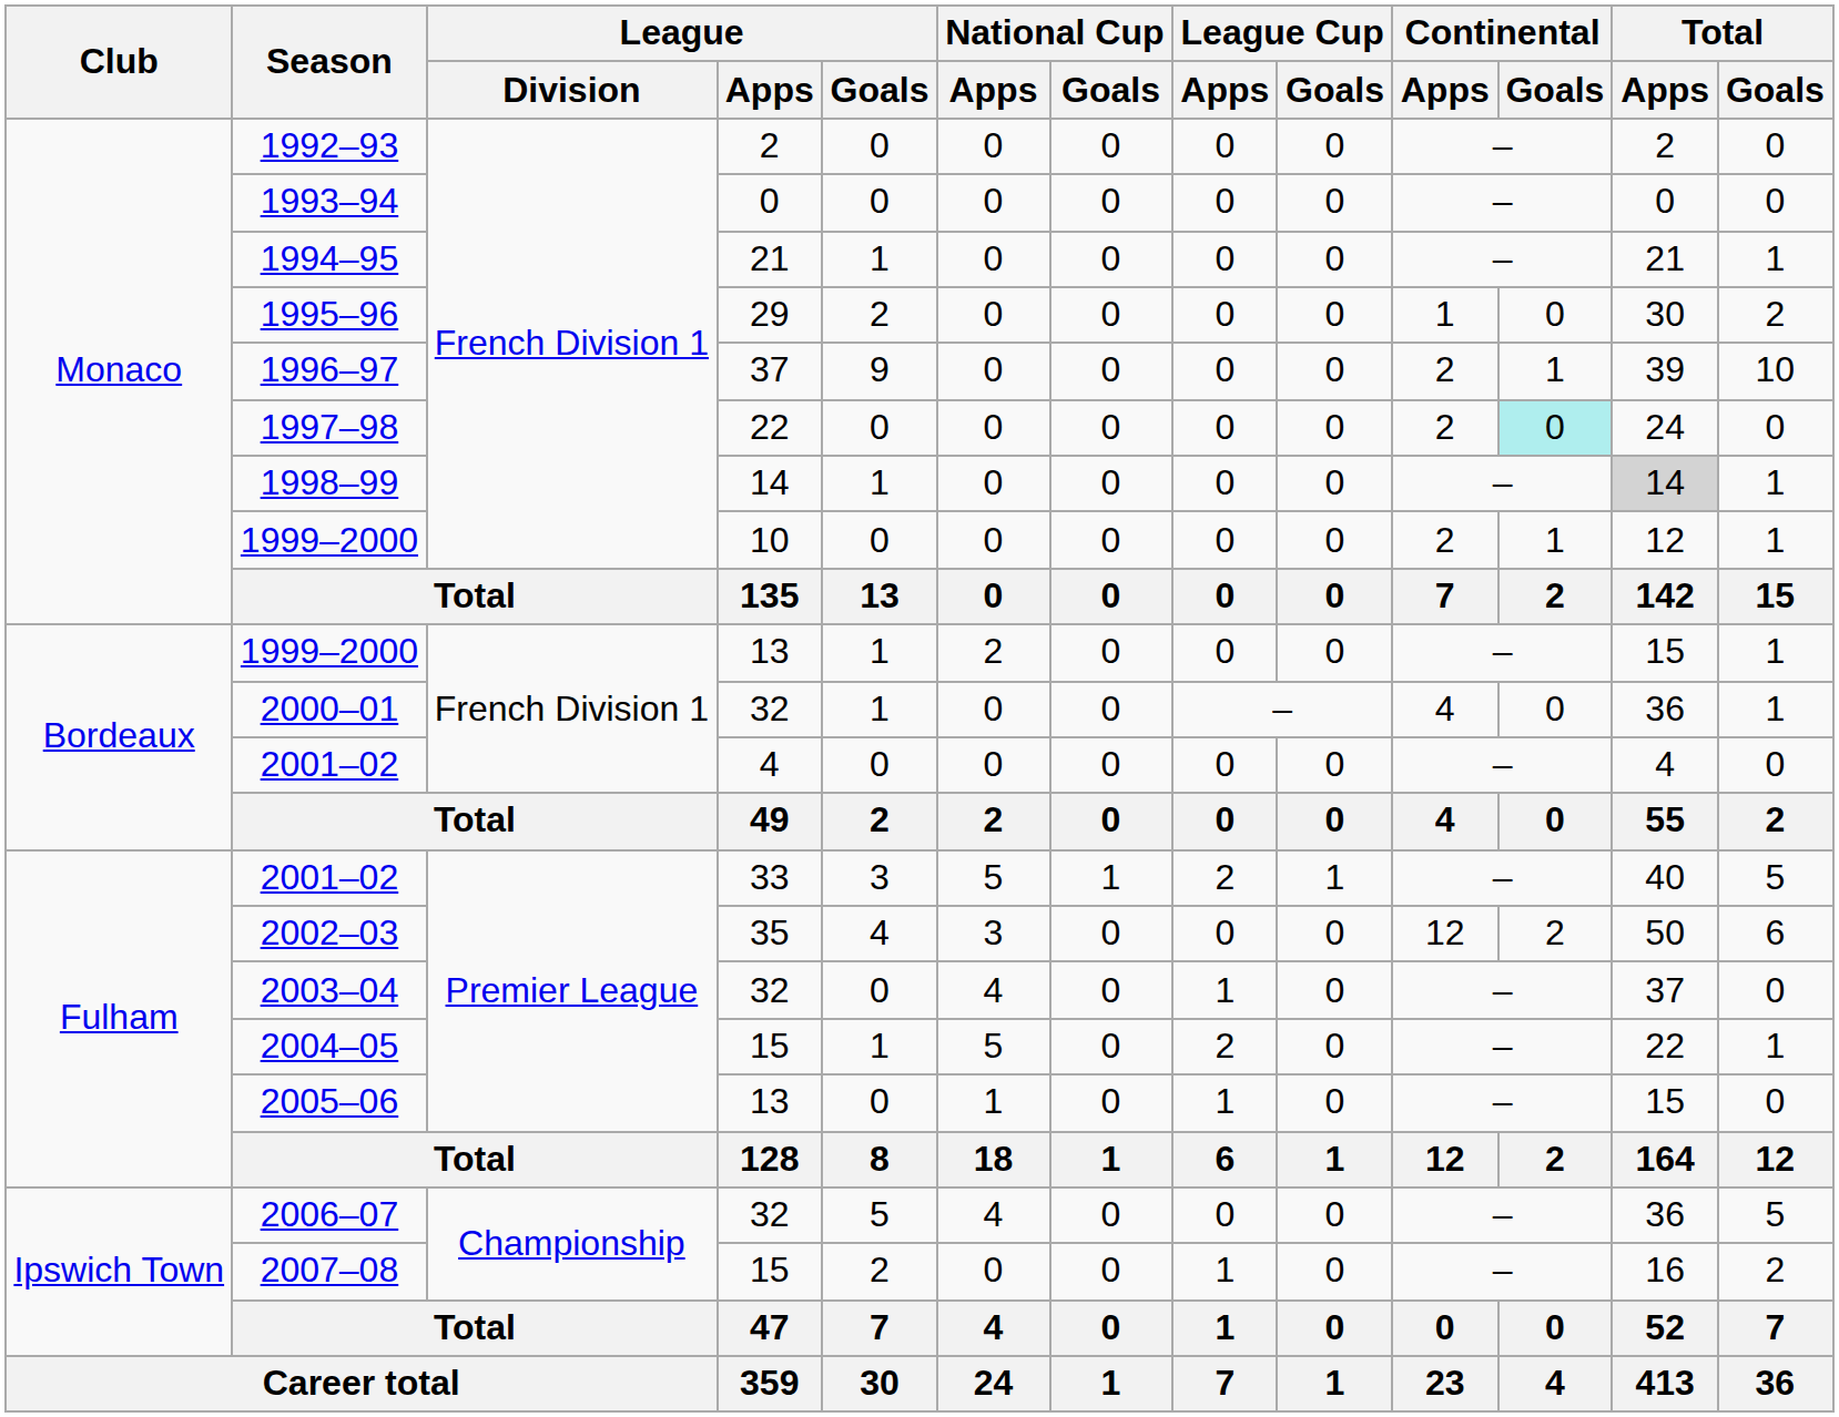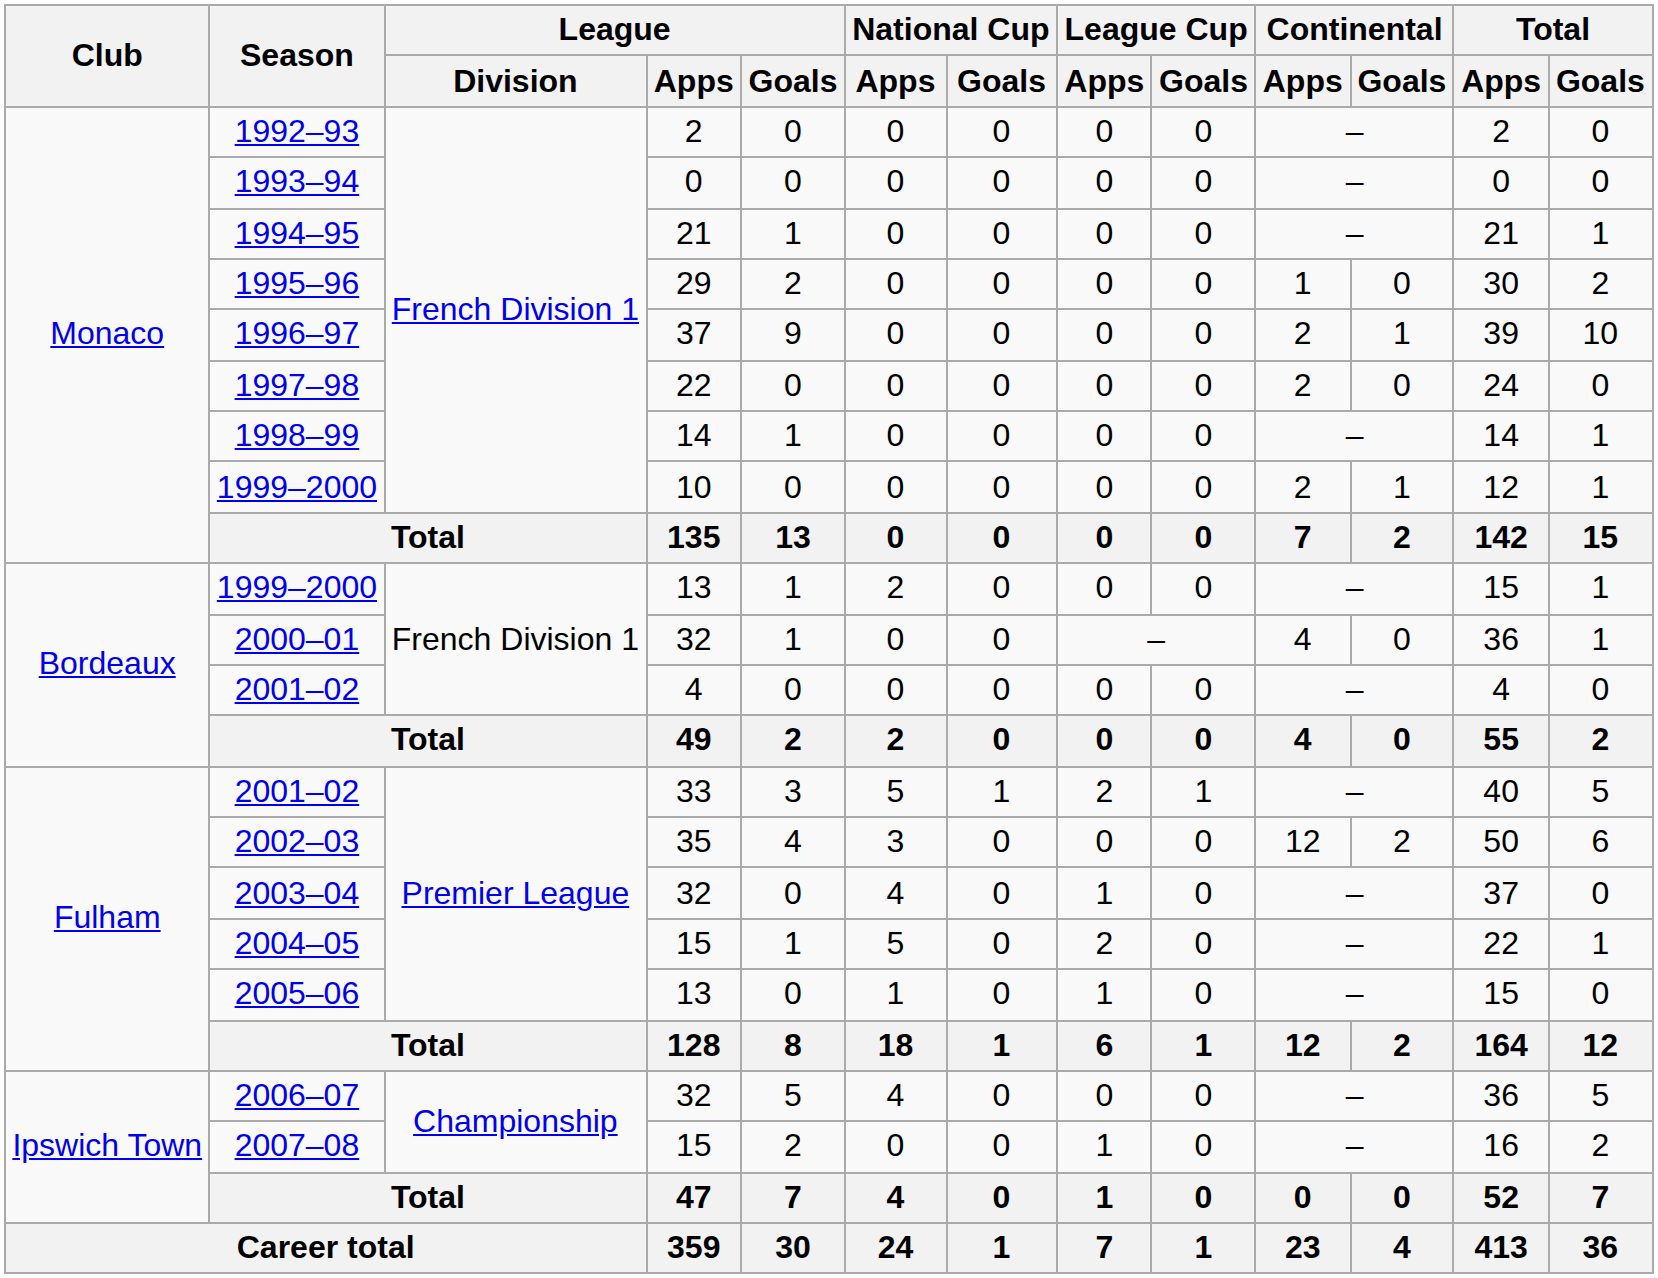 <table class="wikitable" style="text-align:center">
 <tr>
 <th rowspan="2">Club</th>
 <th rowspan="2">Season</th>
 <th colspan="3">League</th>
 <th colspan="2">National Cup</th>
 <th colspan="2">League Cup</th>
 <th colspan="2">Continental</th>
 <th colspan="2">Total</th>
 </tr>
 <tr>
 <th>Division</th>
 <th>Apps</th>
 <th>Goals</th>
 <th>Apps</th>
 <th>Goals</th>
 <th>Apps</th>
 <th>Goals</th>
 <th>Apps</th>
 <th>Goals</th>
 <th>Apps</th>
 <th>Goals</th>
 </tr>
 <tr>
 <td rowspan="9"><a href='#'>Monaco</a></td>
 <td><a href='#'>1992–93</a></td>
 <td rowspan="8"><a href='#'>French Division 1</a></td>
 <td>2</td>
 <td>0</td>
 <td>0</td>
 <td>0</td>
 <td>0</td>
 <td>0</td>
 <td colspan="2">–</td>
 <td>2</td>
 <td>0</td>
 </tr>
 <tr>
 <td><a href='#'>1993–94</a></td>
 <td>0</td>
 <td>0</td>
 <td>0</td>
 <td>0</td>
 <td>0</td>
 <td>0</td>
 <td colspan="2">–</td>
 <td>0</td>
 <td>0</td>
 </tr>
 <tr>
 <td><a href='#'>1994–95</a></td>
 <td>21</td>
 <td>1</td>
 <td>0</td>
 <td>0</td>
 <td>0</td>
 <td>0</td>
 <td colspan="2">–</td>
 <td>21</td>
 <td>1</td>
 </tr>
 <tr>
 <td><a href='#'>1995–96</a></td>
 <td>29</td>
 <td>2</td>
 <td>0</td>
 <td>0</td>
 <td>0</td>
 <td>0</td>
 <td>1</td>
 <td>0</td>
 <td>30</td>
 <td>2</td>
 </tr>
 <tr>
 <td><a href='#'>1996–97</a></td>
 <td>37</td>
 <td>9</td>
 <td>0</td>
 <td>0</td>
 <td>0</td>
 <td>0</td>
 <td>2</td>
 <td>1</td>
 <td>39</td>
 <td>10</td>
 </tr>
 <tr>
 <td><a href='#'>1997–98</a></td>
 <td>22</td>
 <td>0</td>
 <td>0</td>
 <td>0</td>
 <td>0</td>
 <td>0</td>
 <td>2</td>
-<td style="background: paleturquoise;">0</td>
+<td>0</td>
 <td>24</td>
 <td>0</td>
 </tr>
 <tr>
 <td><a href='#'>1998–99</a></td>
 <td>14</td>
 <td>1</td>
 <td>0</td>
 <td>0</td>
 <td>0</td>
 <td>0</td>
 <td colspan="2">–</td>
-<td style="background: lightgrey;">14</td>
+<td>14</td>
 <td>1</td>
 </tr>
 <tr>
 <td><a href='#'>1999–2000</a></td>
 <td>10</td>
 <td>0</td>
 <td>0</td>
 <td>0</td>
 <td>0</td>
 <td>0</td>
 <td>2</td>
 <td>1</td>
 <td>12</td>
 <td>1</td>
 </tr>
 <tr>
 <th colspan="2">Total</th>
 <th>135</th>
 <th>13</th>
 <th>0</th>
 <th>0</th>
 <th>0</th>
 <th>0</th>
 <th>7</th>
 <th>2</th>
 <th>142</th>
 <th>15</th>
 </tr>
 <tr>
 <td rowspan="4"><a href='#'>Bordeaux</a></td>
 <td><a href='#'>1999–2000</a></td>
 <td rowspan="3">French Division 1</td>
 <td>13</td>
 <td>1</td>
 <td>2</td>
 <td>0</td>
 <td>0</td>
 <td>0</td>
 <td colspan="2">–</td>
 <td>15</td>
 <td>1</td>
 </tr>
 <tr>
 <td><a href='#'>2000–01</a></td>
 <td>32</td>
 <td>1</td>
 <td>0</td>
 <td>0</td>
 <td colspan="2">–</td>
 <td>4</td>
 <td>0</td>
 <td>36</td>
 <td>1</td>
 </tr>
 <tr>
 <td><a href='#'>2001–02</a></td>
 <td>4</td>
 <td>0</td>
 <td>0</td>
 <td>0</td>
 <td>0</td>
 <td>0</td>
 <td colspan="2">–</td>
 <td>4</td>
 <td>0</td>
 </tr>
 <tr>
 <th colspan="2">Total</th>
 <th>49</th>
 <th>2</th>
 <th>2</th>
 <th>0</th>
 <th>0</th>
 <th>0</th>
 <th>4</th>
 <th>0</th>
 <th>55</th>
 <th>2</th>
 </tr>
 <tr>
 <td rowspan="6"><a href='#'>Fulham</a></td>
 <td><a href='#'>2001–02</a></td>
 <td rowspan="5"><a href='#'>Premier League</a></td>
 <td>33</td>
 <td>3</td>
 <td>5</td>
 <td>1</td>
 <td>2</td>
 <td>1</td>
 <td colspan="2">–</td>
 <td>40</td>
 <td>5</td>
 </tr>
 <tr>
 <td><a href='#'>2002–03</a></td>
 <td>35</td>
 <td>4</td>
 <td>3</td>
 <td>0</td>
 <td>0</td>
 <td>0</td>
 <td>12 </td>
 <td>2</td>
 <td>50</td>
 <td>6</td>
 </tr>
 <tr>
 <td><a href='#'>2003–04</a></td>
 <td>32</td>
 <td>0</td>
 <td>4</td>
 <td>0</td>
 <td>1</td>
 <td>0</td>
 <td colspan="2">–</td>
 <td>37</td>
 <td>0</td>
 </tr>
 <tr>
 <td><a href='#'>2004–05</a></td>
 <td>15</td>
 <td>1</td>
 <td>5</td>
 <td>0</td>
 <td>2</td>
 <td>0</td>
 <td colspan="2">–</td>
 <td>22</td>
 <td>1</td>
 </tr>
 <tr>
 <td><a href='#'>2005–06</a></td>
 <td>13</td>
 <td>0</td>
 <td>1</td>
 <td>0</td>
 <td>1</td>
 <td>0</td>
 <td colspan="2">–</td>
 <td>15</td>
 <td>0</td>
 </tr>
 <tr>
 <th colspan="2">Total</th>
 <th>128</th>
 <th>8</th>
 <th>18</th>
 <th>1</th>
 <th>6</th>
 <th>1</th>
 <th>12</th>
 <th>2</th>
 <th>164</th>
 <th>12</th>
 </tr>
 <tr>
 <td rowspan="3"><a href='#'>Ipswich Town</a></td>
 <td><a href='#'>2006–07</a></td>
 <td rowspan="2"><a href='#'>Championship</a></td>
 <td>32</td>
 <td>5</td>
 <td>4</td>
 <td>0</td>
 <td>0</td>
 <td>0</td>
 <td colspan="2">–</td>
 <td>36</td>
 <td>5</td>
 </tr>
 <tr>
 <td><a href='#'>2007–08</a></td>
 <td>15</td>
 <td>2</td>
 <td>0</td>
 <td>0</td>
 <td>1</td>
 <td>0</td>
 <td colspan="2">–</td>
 <td>16</td>
 <td>2</td>
 </tr>
 <tr>
 <th colspan="2">Total</th>
 <th>47</th>
 <th>7</th>
 <th>4</th>
 <th>0</th>
 <th>1</th>
 <th>0</th>
 <th>0</th>
 <th>0</th>
 <th>52</th>
 <th>7</th>
 </tr>
 <tr>
 <th colspan="3">Career total</th>
 <th>359</th>
 <th>30</th>
 <th>24</th>
 <th>1</th>
 <th>7</th>
 <th>1</th>
 <th>23</th>
 <th>4</th>
 <th>413</th>
 <th>36</th>
 </tr>
 </table>
